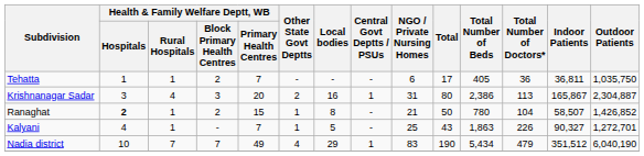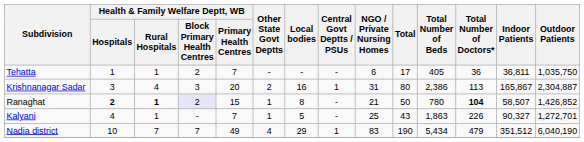 <table class="wikitable" style="text-align:center;font-size: 9pt">
 <tr>
 <th width="110" rowspan="2">Subdivision</th>
 <th width="160" colspan="4" rowspan="1">Health & Family Welfare Deptt, WB</th>
 <th widthspan="110" rowspan="2">Other<br>State<br>Govt<br>Deptts</th>
 <th widthspan="110" rowspan="2">Local<br>bodies</th>
 <th widthspan="110" rowspan="2">Central<br>Govt<br>Deptts /<br>PSUs</th>
 <th widthspan="110" rowspan="2">NGO /<br>Private<br>Nursing<br>Homes</th>
 <th widthspan="110" rowspan="2">Total</th>
 <th widthspan="110" rowspan="2">Total<br>Number<br>of<br>Beds</th>
 <th widthspan="110" rowspan="2">Total<br>Number<br>of<br>Doctors*</th>
 <th widthspan="130" rowspan="2">Indoor<br>Patients</th>
 <th widthspan="130" rowspan="2">Outdoor<br>Patients</th>
 </tr>
 <tr>
 <th width="40">Hospitals<br></th>
 <th width="40">Rural<br>Hospitals<br></th>
 <th width="40">Block<br>Primary<br>Health<br>Centres<br></th>
 <th width="40">Primary<br>Health<br>Centres<br></th>
 </tr>
 <tr>
 <td align=left><a href='#'>Tehatta</a></td>
 <td align="center">1</td>
 <td align="center">1</td>
 <td align="center">2</td>
 <td align="center">7</td>
 <td align="center">-</td>
 <td align="center">-</td>
 <td align="center">-</td>
 <td align="center">6</td>
 <td align="center">17</td>
 <td align="center">405</td>
 <td align="center">36</td>
 <td align="center">36,811</td>
 <td align="center">1,035,750</td>
 </tr>
 <tr>
 <td align=left><a href='#'>Krishnanagar Sadar</a></td>
 <td align="center">3</td>
 <td align="center">4</td>
 <td align="center">3</td>
 <td align="center">20</td>
 <td align="center">2</td>
 <td align="center">16</td>
 <td align="center">1</td>
 <td align="center">31</td>
 <td align="center">80</td>
 <td align="center">2,386</td>
 <td align="center">113</td>
 <td align="center">165,867</td>
 <td align="center">2,304,887</td>
 </tr>
 <tr>
 <td align=left>Ranaghat</td>
 <td align="center"><strong>2</strong></td>
-<td align="center">1</td>
-<td align="center">2</td>
+<td align="center"><strong>1</strong></td>
+<td align="center" style="background: lavender;">2</td>
 <td align="center">15</td>
 <td align="center">1</td>
 <td align="center">8</td>
 <td align="center">-</td>
 <td align="center">21</td>
 <td align="center">50</td>
 <td align="center">780</td>
-<td align="center">104</td>
+<td align="center"><strong>104</strong></td>
 <td align="center">58,507</td>
 <td align="center">1,426,852</td>
 </tr>
 <tr>
 <td align=left><a href='#'>Kalyani</a></td>
 <td align="center">4</td>
 <td align="center">1</td>
 <td align="center">-</td>
 <td align="center">7</td>
 <td align="center">1</td>
 <td align="center">5</td>
 <td align="center">-</td>
 <td align="center">25</td>
 <td align="center">43</td>
 <td align="center">1,863</td>
 <td align="center">226</td>
 <td align="center">90,327</td>
 <td align="center">1,272,701</td>
 </tr>
 <tr>
 <td align=left><a href='#'>Nadia district</a></td>
 <td align="center">10</td>
 <td align="center">7</td>
 <td align="center">7</td>
 <td align="center">49</td>
 <td align="center">4</td>
 <td align="center">29</td>
 <td align="center">1</td>
 <td align="center">83</td>
 <td align="center">190</td>
 <td align="center">5,434</td>
 <td align="center">479</td>
 <td align="center">351,512</td>
 <td align="center">6,040,190</td>
 </tr>
 <tr>
 </tr>
 </table>
